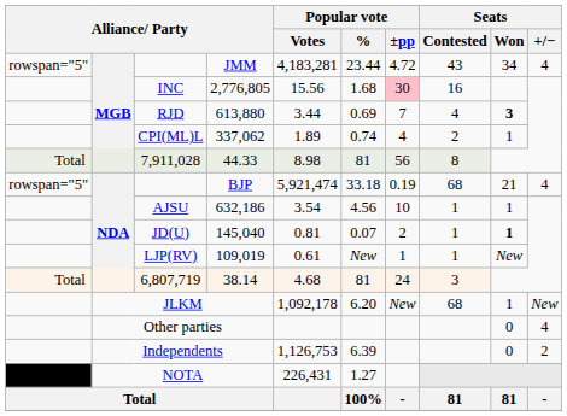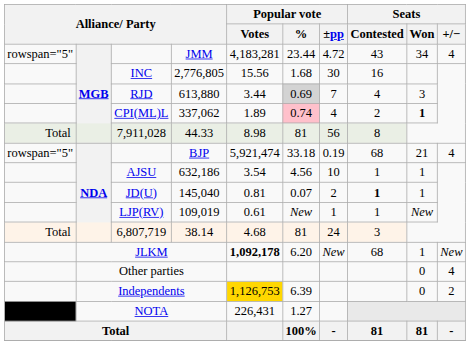 <table class="wikitable sortable">
 <tr>
 <th colspan="4" rowspan="2">Alliance/ Party</th>
 <th colspan="3">Popular vote</th>
 <th colspan="3">Seats</th>
 </tr>
 <tr>
 <th>Votes</th>
 <th>%</th>
 <th>±<a href='#'>pp</a></th>
 <th>Contested</th>
 <th>Won</th>
 <th><strong>+/−</strong></th>
 </tr>
 <tr>
 <td>rowspan="5" </td>
 <th rowspan="5"><a href='#'>MGB</a></th>
 <td></td>
 <td style="text-align:center;"><a href='#'>JMM</a></td>
 <td style="text-align:center;">4,183,281</td>
 <td style="text-align:center;">23.44</td>
 <td style="text-align:center;"> 4.72</td>
 <td style="text-align:center;">43</td>
 <td style="text-align:center;">34</td>
 <td style="text-align:center;"> 4</td>
 </tr>
 <tr>
 <td></td>
 <td style="text-align:center;"><a href='#'>INC</a></td>
 <td style="text-align:center;">2,776,805</td>
 <td style="text-align:center;">15.56</td>
 <td style="text-align:center;"> 1.68</td>
-<td style="background: pink; text-align:center;">30</td>
+<td style="text-align:center;">30</td>
 <td style="text-align:center;">16</td>
 <td style="text-align:center;"></td>
 </tr>
 <tr>
 <td></td>
 <td style="text-align:center;"><a href='#'>RJD</a></td>
 <td style="text-align:center;">613,880</td>
 <td style="text-align:center;">3.44</td>
-<td style="text-align:center;"> 0.69</td>
+<td style="background: lightgrey; text-align:center;"> 0.69</td>
 <td style="text-align:center;">7</td>
 <td style="text-align:center;">4</td>
-<td style="text-align:center;"><strong> 3</strong></td>
+<td style="text-align:center;"> 3</td>
 </tr>
 <tr>
 <td></td>
 <td style="text-align:center;"><a href='#'>CPI(ML)L</a></td>
 <td style="text-align:center;">337,062</td>
 <td style="text-align:center;">1.89</td>
-<td style="text-align:center;"> 0.74</td>
+<td style="background: pink; text-align:center;"> 0.74</td>
 <td style="text-align:center;">4</td>
 <td style="text-align:center;">2</td>
-<td style="text-align:center;"> 1</td>
+<td style="text-align:center;"><strong> 1</strong></td>
 </tr>
 <tr>
 <td colspan="2"style="background:#eaefe5; text-align:center;">Total</td>
 <td style="background:#eaefe5; text-align:center;">7,911,028</td>
 <td style="background:#eaefe5; text-align:center;">44.33</td>
 <td style="background:#eaefe5; text-align:center;"> 8.98</td>
 <td style="background:#eaefe5; text-align:center;">81</td>
 <td style="background:#eaefe5; text-align:center;">56</td>
 <td style="background:#eaefe5; text-align:center;"> 8</td>
 </tr>
 <tr>
 <td>rowspan="5" </td>
 <th rowspan="5"><a href='#'>NDA</a></th>
 <td></td>
 <td style="text-align:center;"><a href='#'>BJP</a></td>
 <td style="text-align:center;">5,921,474</td>
 <td style="text-align:center;">33.18</td>
 <td style="text-align:center;"> 0.19</td>
 <td style="text-align:center;">68</td>
 <td style="text-align:center;">21</td>
 <td style="text-align:center;"> 4</td>
 </tr>
 <tr>
 <td></td>
 <td style="text-align:center;"><a href='#'>AJSU</a></td>
 <td style="text-align:center;">632,186</td>
 <td style="text-align:center;">3.54</td>
 <td style="text-align:center;"> 4.56</td>
 <td style="text-align:center;">10</td>
 <td style="text-align:center;">1</td>
 <td style="text-align:center;"> 1</td>
 </tr>
 <tr>
 <td></td>
 <td style="text-align:center;"><a href='#'>JD(U)</a></td>
 <td style="text-align:center;">145,040</td>
 <td style="text-align:center;">0.81</td>
 <td style="text-align:center;"> 0.07</td>
 <td style="text-align:center;">2</td>
-<td style="text-align:center;">1</td>
-<td style="text-align:center;"><strong> 1</strong></td>
+<td style="text-align:center;"><strong>1</strong></td>
+<td style="text-align:center;"> 1</td>
 </tr>
 <tr>
 <td></td>
 <td style="text-align:center;"><a href='#'>LJP(RV)</a></td>
 <td style="text-align:center;">109,019</td>
 <td style="text-align:center;">0.61</td>
 <td style="text-align:center;"><em>New</em></td>
 <td style="text-align:center;">1</td>
 <td style="text-align:center;">1</td>
 <td style="text-align:center;"><em>New</em></td>
 </tr>
 <tr>
 <td colspan="2"style="background:#fef3e8; text-align:center;">Total</td>
 <td style="background:#fef3e8; text-align:center;">6,807,719</td>
 <td style="background:#fef3e8; text-align:center;">38.14</td>
 <td style="background:#fef3e8; text-align:center;"> 4.68</td>
 <td style="background:#fef3e8; text-align:center;">81</td>
 <td style="background:#fef3e8; text-align:center;">24</td>
 <td style="background:#fef3e8; text-align:center;"> 3</td>
 </tr>
 <tr>
 <td></td>
 <td colspan="3" style="text-align:center;"><a href='#'>JLKM</a></td>
-<td style="text-align:center;">1,092,178</td>
+<td style="text-align:center;"><strong>1,092,178</strong></td>
 <td style="text-align:center;">6.20</td>
 <td style="text-align:center;"><em>New</em></td>
 <td style="text-align:center;">68</td>
 <td style="text-align:center;">1</td>
 <td style="text-align:center;"><em>New</em></td>
 </tr>
 <tr>
 <td></td>
 <td colspan="3"style="text-align:center;">Other parties</td>
 <td style="text-align:center;"></td>
 <td style="text-align:center;"></td>
 <td style="text-align:center;"></td>
 <td style="text-align:center;"></td>
 <td style="text-align:center;">0</td>
 <td style="text-align:center;"> 4</td>
 </tr>
 <tr>
 <td></td>
 <td colspan="3" style="text-align:center;"><a href='#'>Independents</a></td>
-<td style="text-align:center;">1,126,753</td>
+<td style="background: gold; text-align:center;">1,126,753</td>
 <td style="text-align:center;">6.39</td>
 <td style="text-align:center;"></td>
 <td style="text-align:center;"></td>
 <td style="text-align:center;">0</td>
 <td style="text-align:center;"> 2</td>
 </tr>
 <tr>
 <td bgcolor="Black"></td>
 <td colspan="3" style="text-align:center;"><a href='#'>NOTA</a></td>
 <td style="text-align:center;">226,431</td>
 <td style="text-align:center;">1.27</td>
 <td style="text-align:center;"></td>
 <th colspan="3" style="background-color:#E9E9E9"></th>
 </tr>
 <tr>
 <th colspan="4" style="text-align:center;">Total</th>
 <th></th>
 <th>100%</th>
 <th>-</th>
 <th>81</th>
 <th>81</th>
 <th>-</th>
 </tr>
 <tr>
 </tr>
 </table>
